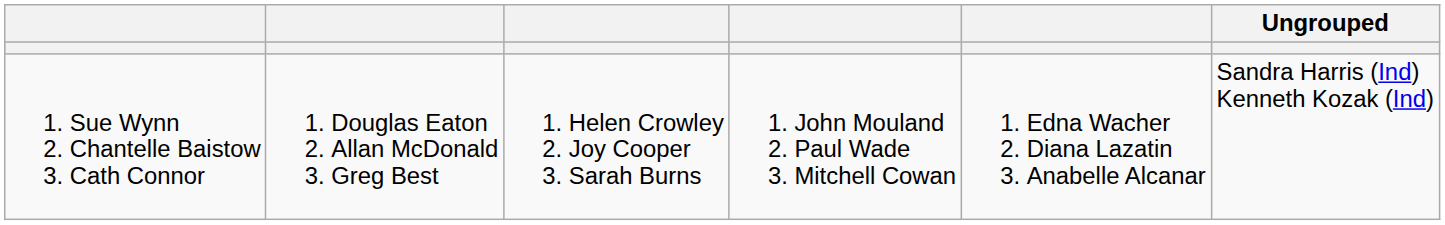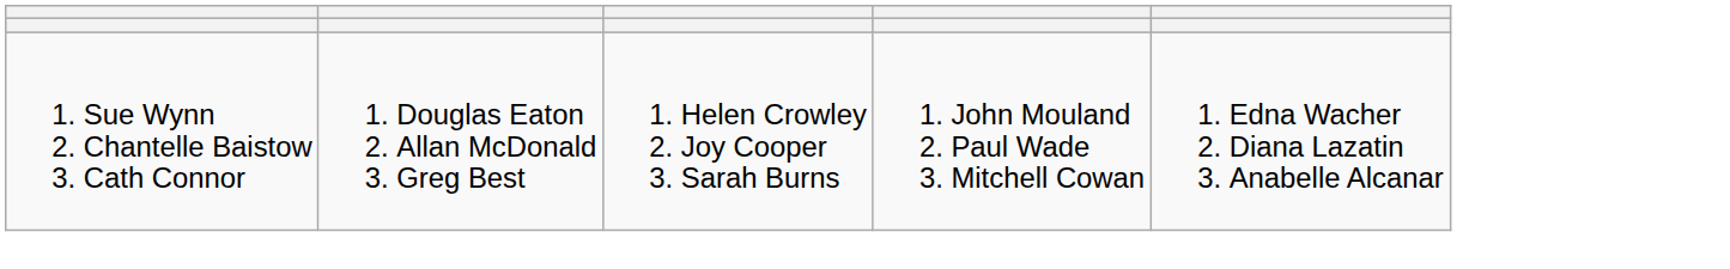 <table class=wikitable>
 <tr>
 <th></th>
 <th></th>
 <th></th>
 <th></th>
 <th></th>
-<th>Ungrouped</th>
 </tr>
 <tr style=background:#ccc>
-<th></th>
 <th></th>
 <th></th>
 <th></th>
 <th></th>
 <th></th>
 </tr>
 <tr>
 <td valign=top><br><ol><li>Sue Wynn</li><li>Chantelle Baistow</li><li>Cath Connor</li></ol></td>
 <td valign=top><br><ol><li>Douglas Eaton</li><li>Allan McDonald</li><li>Greg Best</li></ol></td>
 <td valign=top><br><ol><li>Helen Crowley</li><li>Joy Cooper</li><li>Sarah Burns</li></ol></td>
 <td valign=top><br><ol><li>John Mouland</li><li>Paul Wade</li><li>Mitchell Cowan</li></ol></td>
 <td valign=top><br><ol><li>Edna Wacher</li><li>Diana Lazatin</li><li>Anabelle Alcanar</li></ol></td>
-<td valign=top>Sandra Harris (<a href='#'>Ind</a>) <br> Kenneth Kozak (<a href='#'>Ind</a>)</td>
 </tr>
 </table>
